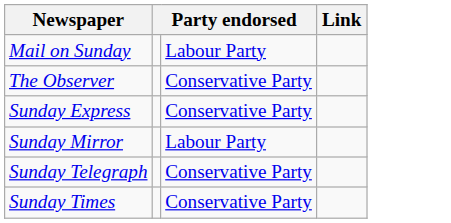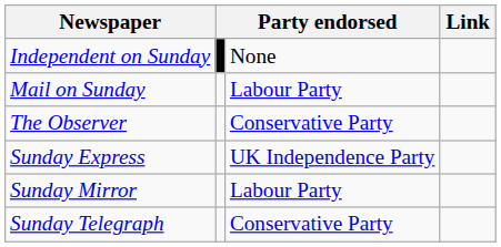 <table class="wikitable">
 <tr>
 <th>Newspaper</th>
 <th colspan=2>Party endorsed</th>
 <th width=35px>Link</th>
+</tr>
+<tr>
+<td><em><a href='#'>Independent on Sunday</a></em></td>
+<td style="background-color:black"></td>
+<td>None</td>
+<td></td>
 </tr>
 <tr>
 <td><em><a href='#'>Mail on Sunday</a></em></td>
 <td style="color:inherit;background-color: "></td>
 <td><a href='#'>Labour Party</a></td>
 <td></td>
 </tr>
 <tr>
 <td><em><a href='#'>The Observer</a></em></td>
 <td style="color:inherit;background-color: "></td>
 <td><a href='#'>Conservative Party</a></td>
 <td></td>
 </tr>
 <tr>
 <td><em><a href='#'>Sunday Express</a></em></td>
 <td style="color:inherit;background-color: "></td>
-<td><a href='#'>Conservative Party</a></td>
+<td><a href='#'>UK Independence Party</a></td>
 <td></td>
 </tr>
 <tr>
 <td><em><a href='#'>Sunday Mirror</a></em></td>
 <td style="color:inherit;background-color: "></td>
 <td><a href='#'>Labour Party</a></td>
 <td></td>
 </tr>
 <tr>
 <td><em><a href='#'>Sunday Telegraph</a></em></td>
 <td style="color:inherit;background-color: "></td>
 <td><a href='#'>Conservative Party</a></td>
 <td></td>
 </tr>
-<tr>
-<td><em><a href='#'>Sunday Times</a></em></td>
-<td style="color:inherit;background-color: "></td>
-<td><a href='#'>Conservative Party</a></td>
-<td></td>
-</tr>
 </table>
